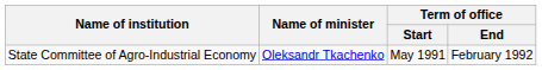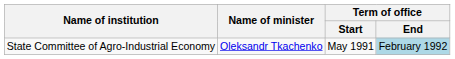 <table class="wikitable">
 <tr>
 <th rowspan="2">Name of institution</th>
 <th rowspan="2">Name of minister</th>
 <th colspan="2">Term of office</th>
 </tr>
 <tr>
 <th>Start</th>
 <th>End</th>
 </tr>
 <tr>
 <td>State Committee of Agro-Industrial Economy</td>
 <td><a href='#'>Oleksandr Tkachenko</a></td>
 <td>May 1991</td>
-<td>February 1992</td>
+<td style="background: lightblue;">February 1992</td>
 </tr>
 </table>
